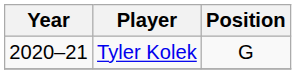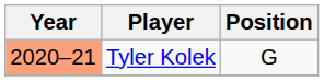 <table class="wikitable">
 <tr>
 <th>Year</th>
 <th>Player</th>
 <th>Position</th>
 </tr>
 <tr align="center">
-<td>2020–21</td>
+<td style="background: lightsalmon;">2020–21</td>
 <td><a href='#'>Tyler Kolek</a></td>
 <td>G</td>
 </tr>
 <tr align="center">
 </tr>
 </table>
